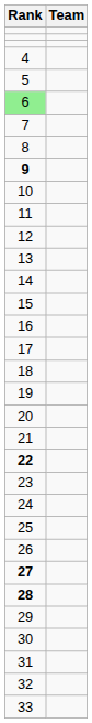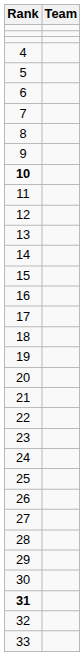 <table class="wikitable">
 <tr>
 <th>Rank</th>
 <th>Team</th>
 </tr>
 <tr>
 <td align=center></td>
 <td></td>
 </tr>
 <tr>
 <td align=center></td>
 <td></td>
 </tr>
 <tr>
 <td align=center></td>
 <td></td>
 </tr>
 <tr>
 <td align=center>4</td>
 <td></td>
 </tr>
 <tr>
 <td align=center>5</td>
 <td></td>
 </tr>
 <tr>
-<td align=center style="background: lightgreen;">6</td>
+<td align=center>6</td>
 <td></td>
 </tr>
 <tr>
 <td align=center>7</td>
 <td></td>
 </tr>
 <tr>
 <td align=center>8</td>
 <td></td>
 </tr>
 <tr>
-<td align=center><strong>9</strong></td>
+<td align=center>9</td>
 <td></td>
 </tr>
 <tr>
-<td align=center>10</td>
+<td align=center><strong>10</strong></td>
 <td></td>
 </tr>
 <tr>
 <td align=center>11</td>
 <td></td>
 </tr>
 <tr>
 <td align=center>12</td>
 <td></td>
 </tr>
 <tr>
 <td align=center>13</td>
 <td></td>
 </tr>
 <tr>
 <td align=center>14</td>
 <td></td>
 </tr>
 <tr>
 <td align=center>15</td>
 <td></td>
 </tr>
 <tr>
 <td align=center>16</td>
 <td></td>
 </tr>
 <tr>
 <td align=center>17</td>
 <td></td>
 </tr>
 <tr>
 <td align=center>18</td>
 <td></td>
 </tr>
 <tr>
 <td align=center>19</td>
 <td></td>
 </tr>
 <tr>
 <td align=center>20</td>
 <td></td>
 </tr>
 <tr>
 <td align=center>21</td>
 <td></td>
 </tr>
 <tr>
-<td align=center><strong>22</strong></td>
+<td align=center>22</td>
 <td></td>
 </tr>
 <tr>
 <td align=center>23</td>
 <td></td>
 </tr>
 <tr>
 <td align=center>24</td>
 <td></td>
 </tr>
 <tr>
 <td align=center>25</td>
 <td></td>
 </tr>
 <tr>
 <td align=center>26</td>
 <td></td>
 </tr>
 <tr>
-<td align=center><strong>27</strong></td>
+<td align=center>27</td>
 <td></td>
 </tr>
 <tr>
-<td align=center><strong>28</strong></td>
+<td align=center>28</td>
 <td></td>
 </tr>
 <tr>
 <td align=center>29</td>
 <td></td>
 </tr>
 <tr>
 <td align=center>30</td>
 <td></td>
 </tr>
 <tr>
-<td align=center>31</td>
+<td align=center><strong>31</strong></td>
 <td></td>
 </tr>
 <tr>
 <td align=center>32</td>
 <td></td>
 </tr>
 <tr>
 <td align=center>33</td>
 <td></td>
 </tr>
 </table>
